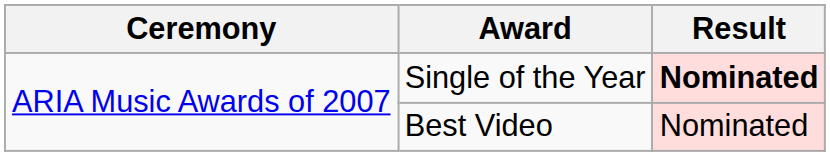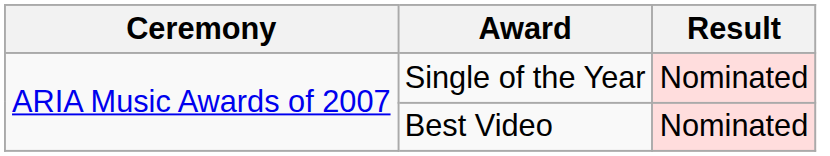 <table class="wikitable">
 <tr>
 <th>Ceremony</th>
 <th>Award</th>
 <th>Result</th>
 </tr>
 <tr>
 <td rowspan=2><a href='#'>ARIA Music Awards of 2007</a></td>
 <td>Single of the Year</td>
-<td style="background: #ffdddd"><strong>Nominated</strong></td>
+<td style="background: #ffdddd">Nominated</td>
 </tr>
 <tr>
 <td>Best Video</td>
 <td style="background: #ffdddd">Nominated</td>
 </tr>
 </table>
